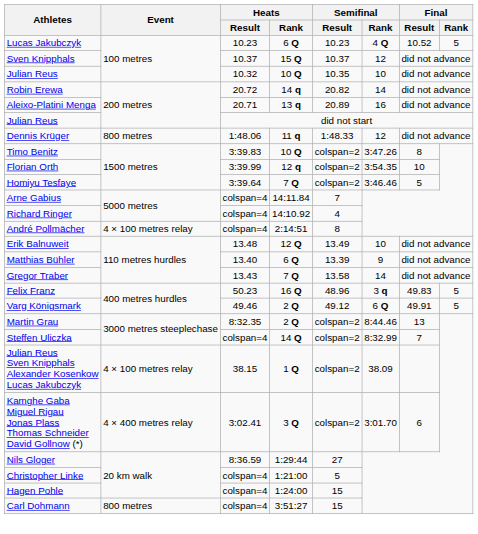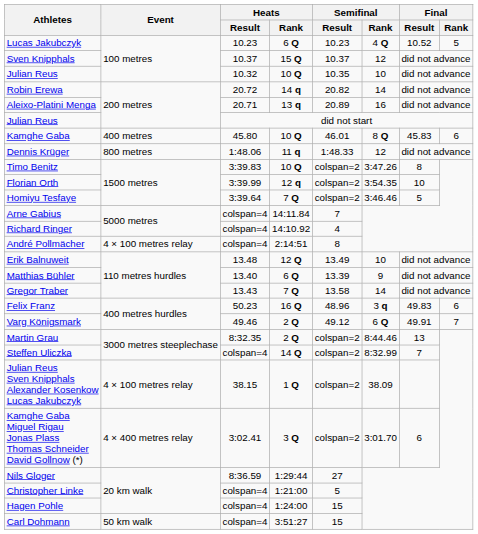 <table class="wikitable" border="1" style="font-size:90%">
 <tr>
 <th rowspan="2">Athletes</th>
 <th rowspan="2">Event</th>
 <th colspan="2">Heats</th>
 <th colspan="2">Semifinal</th>
 <th colspan="2">Final</th>
 </tr>
 <tr>
 <th>Result</th>
 <th>Rank</th>
 <th>Result</th>
 <th>Rank</th>
 <th>Result</th>
 <th>Rank</th>
 </tr>
 <tr>
 <td><a href='#'>Lucas Jakubczyk</a></td>
 <td rowspan=3>100 metres</td>
 <td align=center>10.23</td>
 <td align=center>6 <strong>Q</strong></td>
 <td align=center>10.23</td>
 <td align=center>4 <strong>Q</strong></td>
 <td align=center>10.52</td>
 <td align=center>5</td>
 </tr>
 <tr>
 <td><a href='#'>Sven Knipphals</a></td>
 <td align=center>10.37</td>
 <td align=center>15 <strong>Q</strong></td>
 <td align=center>10.37</td>
 <td align=center>12</td>
 <td align=center colspan=2>did not advance</td>
 </tr>
 <tr>
 <td><a href='#'>Julian Reus</a></td>
 <td align=center>10.32</td>
 <td align=center>10 <strong>Q</strong></td>
 <td align=center>10.35</td>
 <td align=center>10</td>
 <td align=center colspan=2>did not advance</td>
 </tr>
 <tr>
 <td><a href='#'>Robin Erewa</a></td>
 <td rowspan=3>200 metres</td>
 <td align=center>20.72</td>
 <td align=center>14 <strong>q</strong></td>
 <td align=center>20.82</td>
 <td align=center>14</td>
 <td align=center colspan=2>did not advance</td>
 </tr>
 <tr>
 <td><a href='#'>Aleixo-Platini Menga</a></td>
 <td align=center>20.71</td>
 <td align=center>13 <strong>q</strong></td>
 <td align=center>20.89</td>
 <td align=center>16</td>
 <td align=center colspan=2>did not advance</td>
 </tr>
 <tr>
 <td><a href='#'>Julian Reus</a></td>
 <td align=center colspan=6>did not start</td>
+</tr>
+<tr>
+<td><a href='#'>Kamghe Gaba</a></td>
+<td>400 metres</td>
+<td align=center>45.80</td>
+<td align=center>10 <strong>Q</strong></td>
+<td align=center>46.01</td>
+<td align=center>8 <strong>Q</strong></td>
+<td align=center>45.83</td>
+<td align=center>6</td>
 </tr>
 <tr>
 <td><a href='#'>Dennis Krüger</a></td>
 <td>800 metres</td>
 <td align=center>1:48.06</td>
 <td align=center>11 <strong>q</strong></td>
 <td align=center>1:48.33</td>
 <td align=center>12</td>
 <td align=center colspan=2>did not advance</td>
 </tr>
 <tr>
 <td><a href='#'>Timo Benitz</a></td>
 <td rowspan=3>1500 metres</td>
 <td align=center>3:39.83</td>
 <td align=center>10 <strong>Q</strong></td>
 <td>colspan=2 </td>
 <td align=center>3:47.26</td>
 <td align=center>8</td>
 </tr>
 <tr>
 <td><a href='#'>Florian Orth</a></td>
 <td align=center>3:39.99</td>
 <td align=center>12 <strong>q</strong></td>
 <td>colspan=2 </td>
 <td align=center>3:54.35</td>
 <td align=center>10</td>
 </tr>
 <tr>
 <td><a href='#'>Homiyu Tesfaye</a></td>
 <td align=center>3:39.64</td>
 <td align=center>7 <strong>Q</strong></td>
 <td>colspan=2 </td>
 <td align=center>3:46.46</td>
 <td align=center>5</td>
 </tr>
 <tr>
 <td><a href='#'>Arne Gabius</a></td>
 <td rowspan=2>5000 metres</td>
 <td>colspan=4 </td>
 <td align=center>14:11.84</td>
 <td align=center>7</td>
 </tr>
 <tr>
 <td><a href='#'>Richard Ringer</a></td>
 <td>colspan=4 </td>
 <td align=center>14:10.92</td>
 <td align=center>4</td>
 </tr>
 <tr>
 <td><a href='#'>André Pollmächer</a></td>
 <td>4 × 100 metres relay</td>
 <td>colspan=4 </td>
 <td align=center>2:14:51</td>
 <td align=center>8</td>
 </tr>
 <tr>
 <td><a href='#'>Erik Balnuweit</a></td>
 <td rowspan=3>110 metres hurdles</td>
 <td align=center>13.48</td>
 <td align=center>12 <strong>Q</strong></td>
 <td align=center>13.49</td>
 <td align=center>10</td>
 <td align=center colspan=2>did not advance</td>
 </tr>
 <tr>
 <td><a href='#'>Matthias Bühler</a></td>
 <td align=center>13.40</td>
 <td align=center>6 <strong>Q</strong></td>
 <td align=center>13.39</td>
 <td align=center>9</td>
 <td align=center colspan=2>did not advance</td>
 </tr>
 <tr>
 <td><a href='#'>Gregor Traber</a></td>
 <td align=center>13.43</td>
 <td align=center>7 <strong>Q</strong></td>
 <td align=center>13.58</td>
 <td align=center>14</td>
 <td align=center colspan=2>did not advance</td>
 </tr>
 <tr>
 <td><a href='#'>Felix Franz</a></td>
 <td rowspan=2>400 metres hurdles</td>
 <td align=center>50.23</td>
 <td align=center>16 <strong>Q</strong></td>
 <td align=center>48.96</td>
 <td align=center>3 <strong>q</strong></td>
 <td align=center>49.83</td>
-<td align=center>5</td>
+<td align=center>6</td>
 </tr>
 <tr>
 <td><a href='#'>Varg Königsmark</a></td>
 <td align=center>49.46</td>
 <td align=center>2 <strong>Q</strong></td>
 <td align=center>49.12</td>
 <td align=center>6 <strong>Q</strong></td>
 <td align=center>49.91</td>
-<td align=center>5</td>
+<td align=center>7</td>
 </tr>
 <tr>
 <td><a href='#'>Martin Grau</a></td>
 <td rowspan=2>3000 metres steeplechase</td>
 <td align=center>8:32.35</td>
 <td align=center>2 <strong>Q</strong></td>
 <td>colspan=2 </td>
 <td align=center>8:44.46</td>
 <td align=center>13</td>
 </tr>
 <tr>
 <td><a href='#'>Steffen Uliczka</a></td>
 <td>colspan=4 </td>
 <td align=center>14 <strong>Q</strong></td>
 <td>colspan=2 </td>
 <td align=center>8:32.99</td>
 <td align=center>7</td>
 </tr>
 <tr>
 <td><a href='#'>Julian Reus</a><br><a href='#'>Sven Knipphals</a><br><a href='#'>Alexander Kosenkow</a><br><a href='#'>Lucas Jakubczyk</a></td>
 <td>4 × 100 metres relay</td>
 <td align=center>38.15</td>
 <td align=center>1 <strong>Q</strong></td>
 <td>colspan=2 </td>
 <td align=center>38.09</td>
 <td align=center></td>
 </tr>
 <tr>
 <td><a href='#'>Kamghe Gaba</a><br><a href='#'>Miguel Rigau</a><br><a href='#'>Jonas Plass</a><br><a href='#'>Thomas Schneider</a><br><a href='#'>David Gollnow</a> (*)</td>
 <td>4 × 400 metres relay</td>
 <td align=center>3:02.41</td>
 <td align=center>3 <strong>Q</strong></td>
 <td>colspan=2 </td>
 <td align=center>3:01.70</td>
 <td align=center>6</td>
 </tr>
 <tr>
 <td><a href='#'>Nils Gloger</a></td>
 <td rowspan=3>20 km walk</td>
 <td align=center>8:36.59</td>
 <td align=center>1:29:44</td>
 <td align=center>27</td>
 </tr>
 <tr>
 <td><a href='#'>Christopher Linke</a></td>
 <td>colspan=4 </td>
 <td align=center>1:21:00</td>
 <td align=center>5</td>
 </tr>
 <tr>
 <td><a href='#'>Hagen Pohle</a></td>
 <td>colspan=4 </td>
 <td align=center>1:24:00</td>
 <td align=center>15</td>
 </tr>
 <tr>
 <td><a href='#'>Carl Dohmann</a></td>
-<td>800 metres</td>
+<td>50 km walk</td>
 <td>colspan=4 </td>
 <td align=center>3:51:27</td>
 <td align=center>15</td>
 </tr>
 </table>
